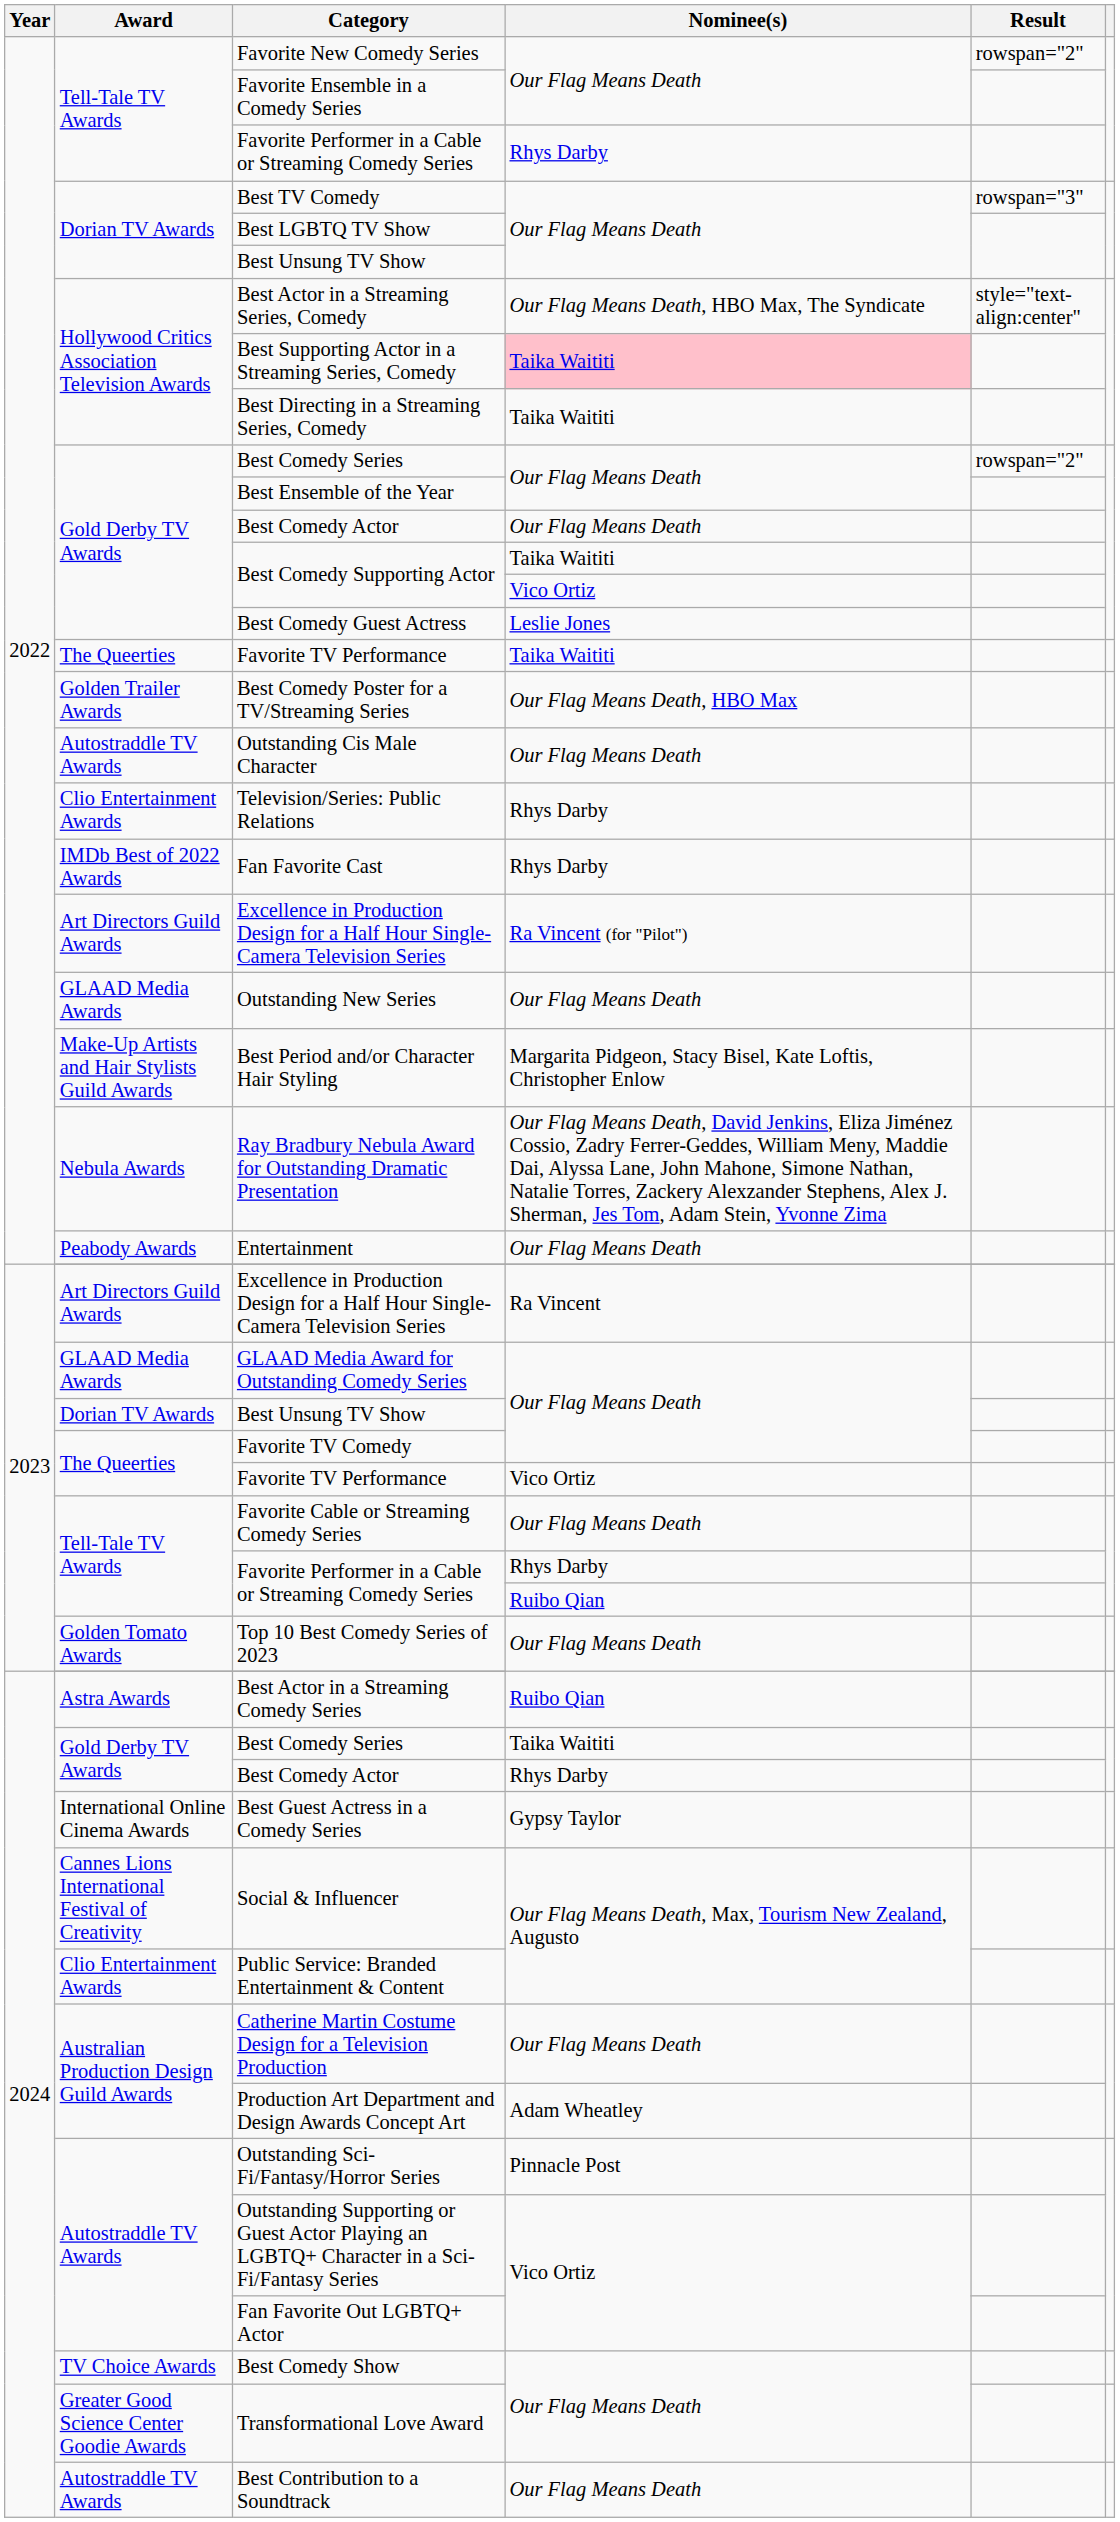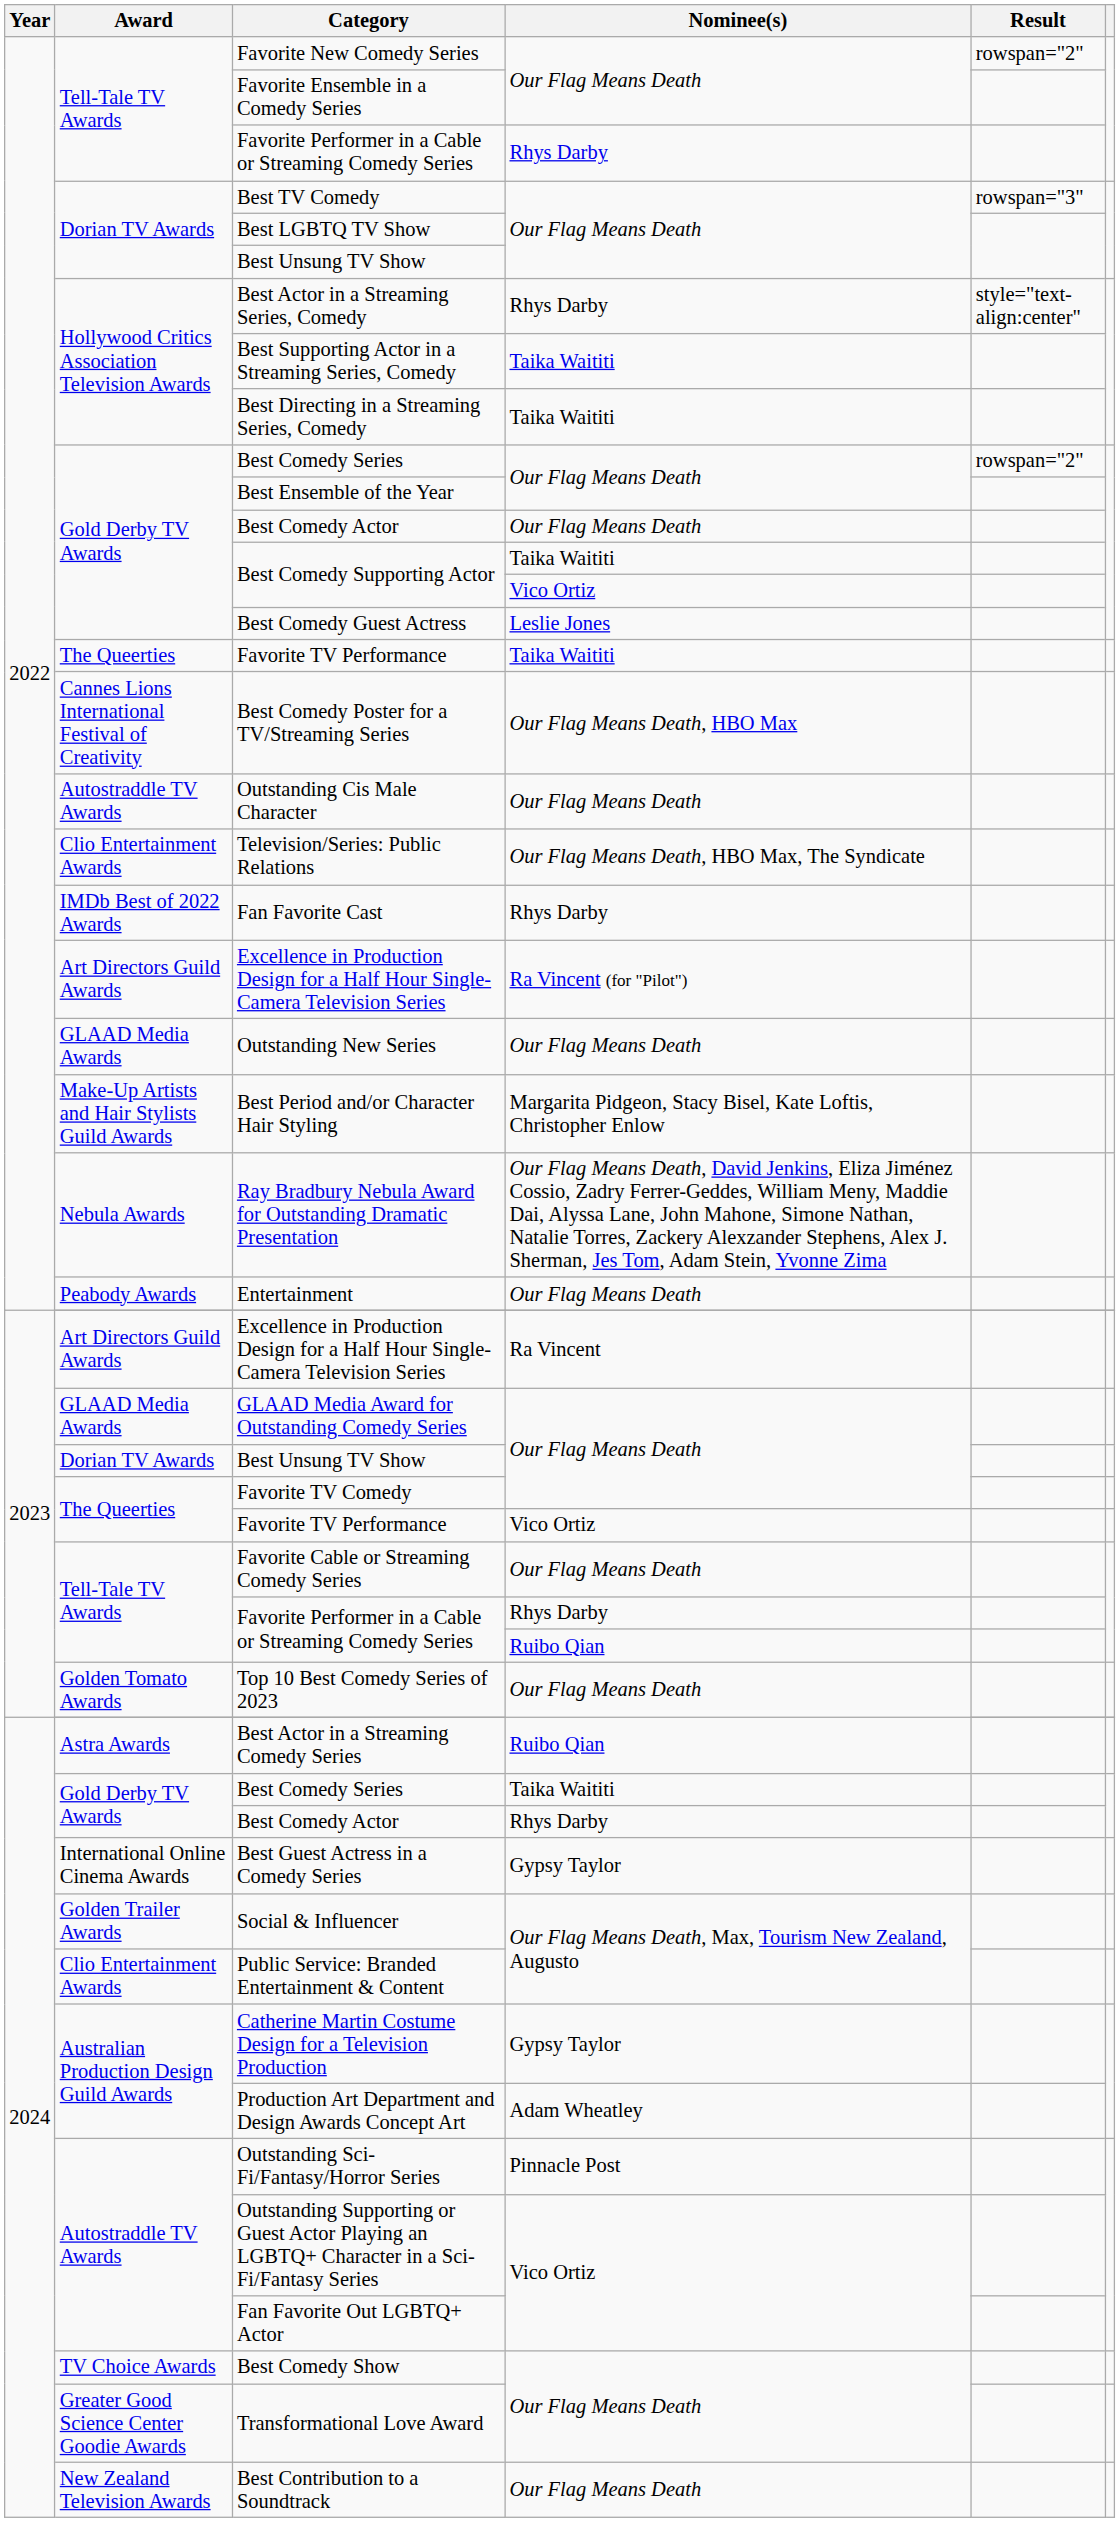 <table class="wikitable plainrowheaders sortable">
 <tr>
 <th scope="col">Year</th>
 <th scope="col">Award</th>
 <th scope="col">Category</th>
 <th scope="col">Nominee(s)</th>
 <th scope="col">Result</th>
 <th scope="col" class="unsortable"></th>
 </tr>
 <tr>
 <td rowspan="25" style="text-align:center">2022</td>
 <td rowspan="3"><a href='#'>Tell-Tale TV Awards</a></td>
 <td>Favorite New Comedy Series</td>
 <td rowspan="2"><em>Our Flag Means Death</em></td>
 <td>rowspan="2" </td>
 <td rowspan="3" align="center"></td>
 </tr>
 <tr>
 <td>Favorite Ensemble in a Comedy Series</td>
 </tr>
 <tr>
 <td>Favorite Performer in a Cable or Streaming Comedy Series</td>
 <td><a href='#'>Rhys Darby</a></td>
 <td></td>
 </tr>
 <tr>
 <td rowspan="3"><a href='#'>Dorian TV Awards</a></td>
 <td>Best TV Comedy</td>
 <td rowspan="3"><em>Our Flag Means Death</em></td>
 <td>rowspan="3" </td>
 <td rowspan="3" style="text-align:center"></td>
 </tr>
 <tr>
 <td>Best LGBTQ TV Show</td>
 </tr>
 <tr>
 <td>Best Unsung TV Show</td>
 </tr>
 <tr>
 <td rowspan="3"><a href='#'>Hollywood Critics Association Television Awards</a></td>
 <td>Best Actor in a Streaming Series, Comedy</td>
-<td><em>Our Flag Means Death</em>, HBO Max, The Syndicate</td>
+<td>Rhys Darby</td>
 <td>style="text-align:center" </td>
 <td rowspan="3" style="text-align:center"></td>
 </tr>
 <tr>
 <td>Best Supporting Actor in a Streaming Series, Comedy</td>
-<td style="background: pink;"><a href='#'>Taika Waititi</a></td>
+<td><a href='#'>Taika Waititi</a></td>
 <td></td>
 </tr>
 <tr>
 <td>Best Directing in a Streaming Series, Comedy</td>
 <td>Taika Waititi </td>
 <td></td>
 </tr>
 <tr>
 <td rowspan="6"><a href='#'>Gold Derby TV Awards</a></td>
 <td>Best Comedy Series</td>
 <td rowspan="2"><em>Our Flag Means Death</em></td>
 <td>rowspan="2" </td>
 <td rowspan="6" style="text-align:center"></td>
 </tr>
 <tr>
 <td>Best Ensemble of the Year</td>
 </tr>
 <tr>
 <td>Best Comedy Actor</td>
 <td><em>Our Flag Means Death</em></td>
 <td></td>
 </tr>
 <tr>
 <td rowspan="2">Best Comedy Supporting Actor</td>
 <td>Taika Waititi</td>
 <td></td>
 </tr>
 <tr>
 <td><a href='#'>Vico Ortiz</a></td>
 <td></td>
 </tr>
 <tr>
 <td>Best Comedy Guest Actress</td>
 <td><a href='#'>Leslie Jones</a></td>
 <td></td>
 </tr>
 <tr>
 <td><a href='#'>The Queerties</a></td>
 <td>Favorite TV Performance</td>
 <td><a href='#'>Taika Waititi</a></td>
 <td></td>
 <td align="center"></td>
 </tr>
 <tr>
-<td><a href='#'>Golden Trailer Awards</a></td>
+<td><a href='#'>Cannes Lions International Festival of Creativity</a></td>
 <td>Best Comedy Poster for a TV/Streaming Series</td>
 <td><em>Our Flag Means Death</em>, <a href='#'>HBO Max</a></td>
 <td></td>
 <td align="center"></td>
 </tr>
 <tr>
 <td><a href='#'>Autostraddle TV Awards</a></td>
 <td>Outstanding Cis Male Character</td>
 <td><em>Our Flag Means Death</em></td>
 <td></td>
 <td align="center"></td>
 </tr>
 <tr>
 <td><a href='#'>Clio Entertainment Awards</a></td>
 <td>Television/Series: Public Relations</td>
-<td>Rhys Darby</td>
+<td><em>Our Flag Means Death</em>, HBO Max, The Syndicate</td>
 <td></td>
 <td align="center"></td>
 </tr>
 <tr>
 <td><a href='#'>IMDb Best of 2022 Awards</a></td>
 <td>Fan Favorite Cast</td>
 <td>Rhys Darby</td>
 <td></td>
 <td align="center"></td>
 </tr>
 <tr>
 <td><a href='#'>Art Directors Guild Awards</a></td>
 <td><a href='#'>Excellence in Production Design for a Half Hour Single-Camera Television Series</a></td>
 <td><a href='#'>Ra Vincent</a> <small>(for "Pilot")</small></td>
 <td></td>
 <td style="text-align:center;"></td>
 </tr>
 <tr>
 <td><a href='#'>GLAAD Media Awards</a></td>
 <td>Outstanding New Series</td>
 <td><em>Our Flag Means Death</em></td>
 <td></td>
 <td align="center"></td>
 </tr>
 <tr>
 <td><a href='#'>Make-Up Artists and Hair Stylists Guild Awards</a></td>
 <td>Best Period and/or Character Hair Styling</td>
 <td>Margarita Pidgeon, Stacy Bisel, Kate Loftis, Christopher Enlow</td>
 <td></td>
 <td align="center"></td>
 </tr>
 <tr>
 <td><a href='#'>Nebula Awards</a></td>
 <td><a href='#'>Ray Bradbury Nebula Award for Outstanding Dramatic Presentation</a></td>
 <td><em>Our Flag Means Death</em>, <a href='#'>David Jenkins</a>, Eliza Jiménez Cossio, Zadry Ferrer-Geddes, William Meny, Maddie Dai, Alyssa Lane, John Mahone, Simone Nathan, Natalie Torres, Zackery Alexzander Stephens, Alex J. Sherman, <a href='#'>Jes Tom</a>, Adam Stein, <a href='#'>Yvonne Zima</a></td>
 <td></td>
 <td align="center"></td>
 </tr>
 <tr>
 <td><a href='#'>Peabody Awards</a></td>
 <td>Entertainment</td>
 <td><em>Our Flag Means Death</em></td>
 <td></td>
 <td align="center"></td>
 </tr>
 <tr>
 <td rowspan="10" style="text-align:center">2023</td>
 </tr>
 <tr>
 <td><a href='#'>Art Directors Guild Awards</a></td>
 <td Art Directors Guild Award for Excellence in Production Design for a Half Hour Single-Camera Television Series>Excellence in Production Design for a Half Hour Single-Camera Television Series</td>
 <td>Ra Vincent </td>
 <td></td>
 <td align="center"></td>
 </tr>
 <tr>
 <td><a href='#'>GLAAD Media Awards</a></td>
 <td><a href='#'>GLAAD Media Award for Outstanding Comedy Series</a></td>
 <td rowspan="3"><em>Our Flag Means Death</em></td>
 <td></td>
 <td align="center"></td>
 </tr>
 <tr>
 <td><a href='#'>Dorian TV Awards</a></td>
 <td>Best Unsung TV Show</td>
 <td></td>
 <td align="center"></td>
 </tr>
 <tr>
 <td rowspan="2"><a href='#'>The Queerties</a></td>
 <td>Favorite TV Comedy</td>
 <td></td>
 <td style="text-align:center"></td>
 </tr>
 <tr>
 <td>Favorite TV Performance</td>
 <td>Vico Ortiz</td>
 <td></td>
 <td style="text-align:center"></td>
 </tr>
 <tr>
 <td rowspan="3"><a href='#'>Tell-Tale TV Awards</a></td>
 <td>Favorite Cable or Streaming Comedy Series</td>
 <td><em>Our Flag Means Death</em></td>
 <td></td>
 <td rowspan="3" align="center"></td>
 </tr>
 <tr>
 <td rowspan="2">Favorite Performer in a Cable or Streaming Comedy Series</td>
 <td>Rhys Darby</td>
 <td></td>
 </tr>
 <tr>
 <td><a href='#'>Ruibo Qian</a></td>
 <td></td>
 </tr>
 <tr>
 <td><a href='#'>Golden Tomato Awards</a></td>
 <td>Top 10 Best Comedy Series of 2023</td>
 <td rowspan="2"><em>Our Flag Means Death</em></td>
 <td></td>
 <td align="center"></td>
 </tr>
 <tr>
 <td rowspan="17" style="text-align:center">2024</td>
 </tr>
 <tr>
 <td><a href='#'>Astra Awards</a></td>
 <td>Best Actor in a Streaming Comedy Series</td>
 <td><a href='#'>Ruibo Qian</a></td>
 <td></td>
 <td align="center"></td>
 </tr>
 <tr>
 <td rowspan="2"><a href='#'>Gold Derby TV Awards</a></td>
 <td>Best Comedy Series</td>
 <td>Taika Waititi</td>
 <td></td>
 <td rowspan="2" align="center"></td>
 </tr>
 <tr>
 <td>Best Comedy Actor</td>
 <td>Rhys Darby</td>
 <td></td>
 </tr>
 <tr>
 <td>International Online Cinema Awards</td>
 <td>Best Guest Actress in a Comedy Series</td>
 <td>Gypsy Taylor</td>
 <td></td>
 <td align="center"></td>
 </tr>
 <tr>
-<td><a href='#'>Cannes Lions International Festival of Creativity</a></td>
+<td><a href='#'>Golden Trailer Awards</a></td>
 <td>Social & Influencer</td>
 <td rowspan="2"><em>Our Flag Means Death</em>, Max, <a href='#'>Tourism New Zealand</a>, Augusto</td>
 <td></td>
 <td align="center"></td>
 </tr>
 <tr>
 <td><a href='#'>Clio Entertainment Awards</a></td>
 <td>Public Service: Branded Entertainment & Content</td>
 <td></td>
 <td align="center"></td>
 </tr>
 <tr>
 <td rowspan="2"><a href='#'>Australian Production Design Guild Awards</a></td>
 <td><a href='#'>Catherine Martin Costume Design for a Television Production</a></td>
-<td><em>Our Flag Means Death</em></td>
+<td>Gypsy Taylor</td>
 <td></td>
 <td rowspan="2" align="center"></td>
 </tr>
 <tr>
 <td>Production Art Department and Design Awards Concept Art</td>
 <td>Adam Wheatley</td>
 <td></td>
 </tr>
 <tr>
 <td rowspan="3"><a href='#'>Autostraddle TV Awards</a></td>
 <td>Outstanding Sci-Fi/Fantasy/Horror Series</td>
 <td>Pinnacle Post</td>
 <td></td>
 <td rowspan="3" align="center"></td>
 </tr>
 <tr>
 <td>Outstanding Supporting or Guest Actor Playing an LGBTQ+ Character in a Sci-Fi/Fantasy Series</td>
 <td rowspan="2">Vico Ortiz</td>
 <td></td>
 </tr>
 <tr>
 <td>Fan Favorite Out LGBTQ+ Actor</td>
 <td></td>
 </tr>
 <tr>
 <td><a href='#'>TV Choice Awards</a></td>
 <td>Best Comedy Show</td>
 <td rowspan="2"><em>Our Flag Means Death</em></td>
 <td></td>
 <td align="center"></td>
 </tr>
 <tr>
 <td><a href='#'> Greater Good Science Center Goodie Awards</a></td>
 <td>Transformational Love Award</td>
 <td></td>
 <td align="center"></td>
 </tr>
 <tr>
-<td><a href='#'>Autostraddle TV Awards</a></td>
+<td><a href='#'>New Zealand Television Awards</a></td>
 <td>Best Contribution to a Soundtrack</td>
 <td><em>Our Flag Means Death</em></td>
 <td></td>
 <td align="center"></td>
 </tr>
 </table>
